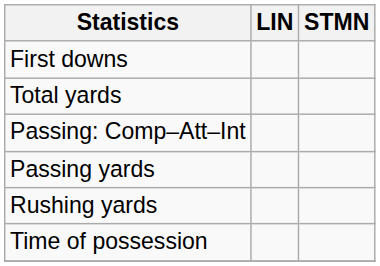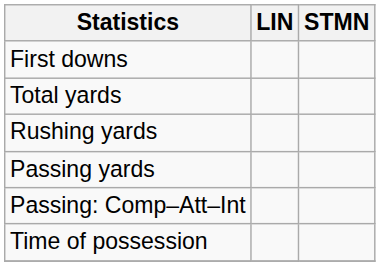 <table class="wikitable" style="float: left;">
 <tr>
 <th>Statistics</th>
 <th>LIN</th>
 <th>STMN</th>
 </tr>
 <tr>
 <td>First downs</td>
 <td></td>
 <td></td>
 </tr>
 <tr>
 <td>Total yards</td>
 <td></td>
 <td></td>
 </tr>
 <tr>
-<td>Passing: Comp–Att–Int</td>
+<td>Rushing yards</td>
 <td></td>
 <td></td>
 </tr>
 <tr>
 <td>Passing yards</td>
 <td></td>
 <td></td>
 </tr>
 <tr>
-<td>Rushing yards</td>
+<td>Passing: Comp–Att–Int</td>
 <td></td>
 <td></td>
 </tr>
 <tr>
 <td>Time of possession</td>
 <td></td>
 <td></td>
 </tr>
 <tr>
 </tr>
 </table>
